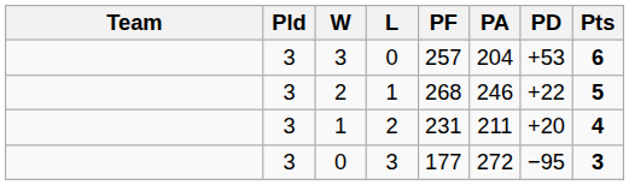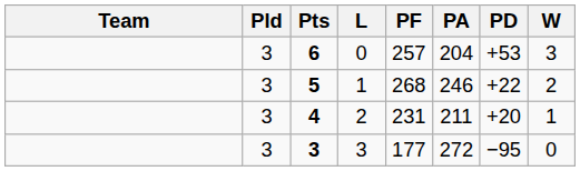 <table class=wikitable style="text-align:center">
 <tr>
 <th width=180>Team</th>
 <th width=30>Pld</th>
-<th width=30>W</th>
+<th width=30>Pts</th>
 <th width=30>L</th>
 <th width=30>PF</th>
 <th width=30>PA</th>
 <th width=30>PD</th>
-<th width=30>Pts</th>
+<th width=30>W</th>
 </tr>
 <tr align=center>
 <td align=left></td>
 <td>3</td>
-<td>3</td>
+<td><strong>6</strong></td>
 <td>0</td>
 <td>257</td>
 <td>204</td>
 <td>+53</td>
-<td><strong>6</strong></td>
+<td>3</td>
 </tr>
 <tr align=center>
 <td align=left></td>
 <td>3</td>
-<td>2</td>
+<td><strong>5</strong></td>
 <td>1</td>
 <td>268</td>
 <td>246</td>
 <td>+22</td>
-<td><strong>5</strong></td>
+<td>2</td>
 </tr>
 <tr align=center>
 <td align=left></td>
 <td>3</td>
-<td>1</td>
+<td><strong>4</strong></td>
 <td>2</td>
 <td>231</td>
 <td>211</td>
 <td>+20</td>
-<td><strong>4</strong></td>
+<td>1</td>
 </tr>
 <tr align=center>
 <td align=left></td>
 <td>3</td>
-<td>0</td>
+<td><strong>3</strong></td>
 <td>3</td>
 <td>177</td>
 <td>272</td>
 <td>−95</td>
-<td><strong>3</strong></td>
+<td>0</td>
 </tr>
 </table>
